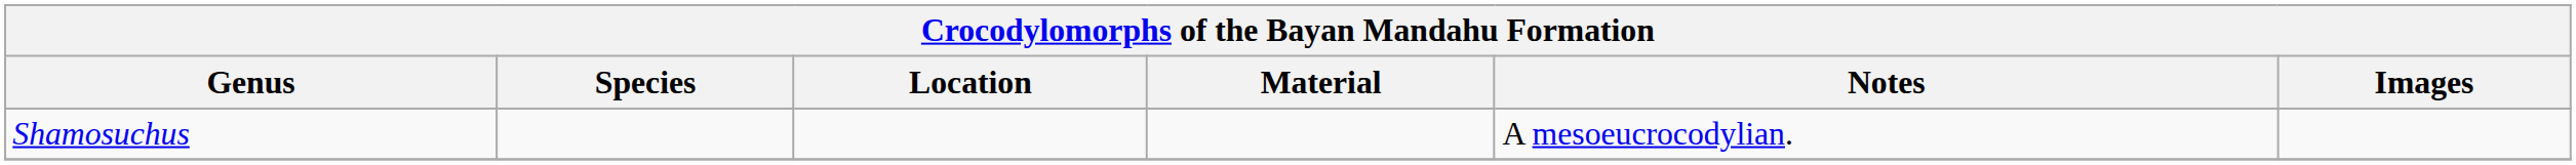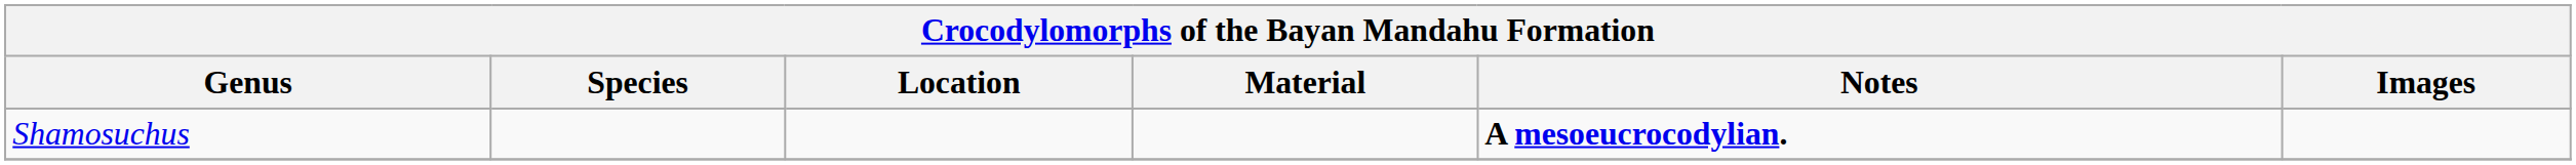 <table class="wikitable" align="center" width="100%">
 <tr>
 <th colspan="7" align="center"><strong><a href='#'>Crocodylomorphs</a> of the Bayan Mandahu Formation</strong></th>
 </tr>
 <tr>
 <th>Genus</th>
 <th>Species</th>
 <th>Location</th>
 <th>Material</th>
 <th>Notes</th>
 <th>Images</th>
 </tr>
 <tr>
 <td><em><a href='#'>Shamosuchus</a></em></td>
 <td></td>
 <td></td>
 <td></td>
-<td>A <a href='#'>mesoeucrocodylian</a>.</td>
+<td><strong>A <a href='#'>mesoeucrocodylian</a>.</strong></td>
 <td></td>
 </tr>
 <tr>
 </tr>
 </table>
